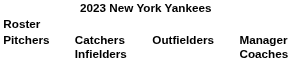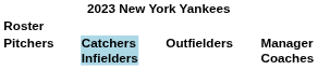 <table class="toccolours" style="font-size: 95%;">
 <tr>
 <th colspan="10">2023 New York Yankees</th>
 </tr>
 <tr>
 <td colspan="10"><strong>Roster</strong></td>
 </tr>
 <tr>
 <td valign="top"><strong>Pitchers</strong><br>                             </td>
 <td style="width:25px;"></td>
-<td valign="top"><strong>Catchers</strong><br>    <strong>Infielders</strong>      </td>
+<td valign="top" style="background: lightblue;"><strong>Catchers</strong><br>    <strong>Infielders</strong>      </td>
 <td style="width:25px;"></td>
 <td valign="top"><strong>Outfielders</strong><br>             </td>
 <td style="width:25px;"></td>
 <td valign="top"><strong>Manager</strong><br> <strong>Coaches</strong>                   </td>
 </tr>
 </table>
